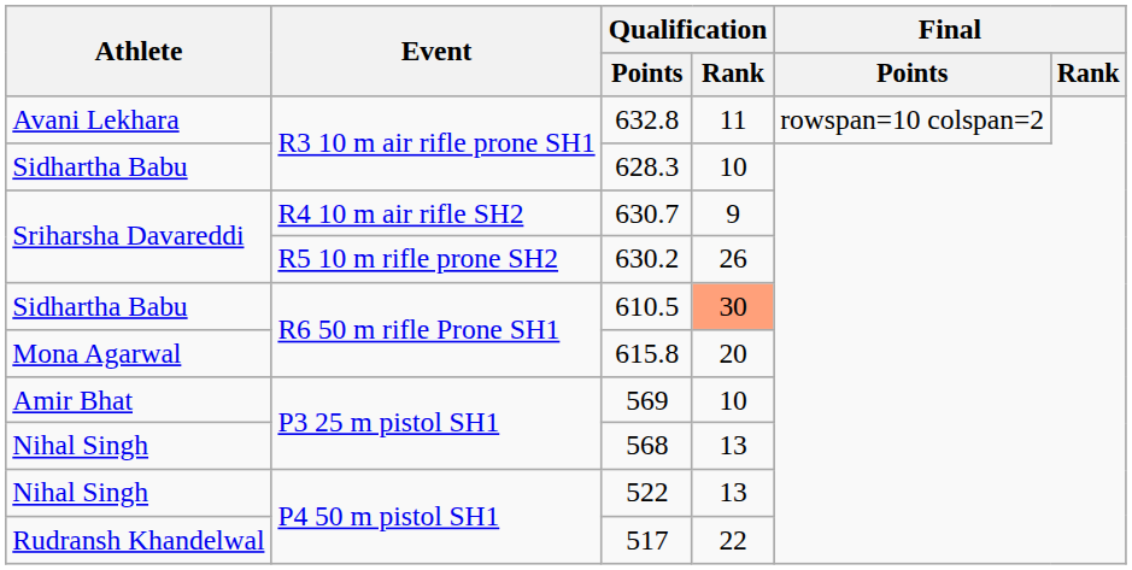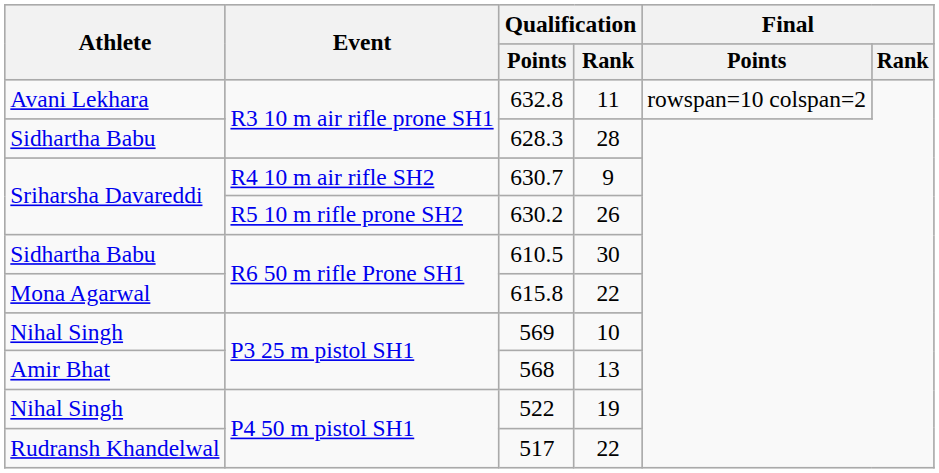 <table class="wikitable" style="font-size:90%">
 <tr>
 <th rowspan="2">Athlete</th>
 <th rowspan="2">Event</th>
 <th colspan="2">Qualification</th>
 <th colspan="2">Final</th>
 </tr>
 <tr style="font-size:95%">
 <th>Points</th>
 <th>Rank</th>
 <th>Points</th>
 <th>Rank</th>
 </tr>
 <tr align=center>
 <td align=left><a href='#'>Avani Lekhara</a></td>
 <td align=left rowspan=2><a href='#'>R3 10 m air rifle prone SH1</a></td>
 <td>632.8</td>
 <td>11</td>
 <td>rowspan=10 colspan=2 </td>
 </tr>
 <tr align=center>
 <td align=left><a href='#'>Sidhartha Babu</a></td>
 <td>628.3</td>
-<td>10</td>
+<td>28</td>
 </tr>
 <tr align=center>
 <td rowspan="2" align="left"><a href='#'>Sriharsha Davareddi</a></td>
 <td align=left><a href='#'>R4 10 m air rifle SH2</a></td>
 <td>630.7</td>
 <td>9</td>
 </tr>
 <tr align=center>
 <td align="left"><a href='#'>R5 10 m rifle prone SH2</a></td>
 <td>630.2</td>
 <td>26</td>
 </tr>
 <tr align="center">
 <td align="left"><a href='#'>Sidhartha Babu</a></td>
 <td rowspan="2" align="left"><a href='#'>R6 50 m rifle Prone SH1</a></td>
 <td>610.5</td>
-<td style="background: lightsalmon;">30</td>
+<td>30</td>
 </tr>
 <tr align="center">
 <td align=left><a href='#'>Mona Agarwal</a></td>
 <td>615.8</td>
-<td>20</td>
+<td>22</td>
 </tr>
 <tr align="center">
-<td align=left><a href='#'>Amir Bhat</a></td>
+<td align=left><a href='#'>Nihal Singh</a></td>
 <td rowspan="2"align="left"><a href='#'>P3 25 m pistol SH1</a></td>
 <td>569</td>
 <td>10</td>
 </tr>
 <tr align="center">
-<td align=left><a href='#'>Nihal Singh</a></td>
+<td align=left><a href='#'>Amir Bhat</a></td>
 <td>568</td>
 <td>13</td>
 </tr>
 <tr align="center">
 <td align=left><a href='#'>Nihal Singh</a></td>
 <td rowspan="2" align="left"><a href='#'>P4 50 m pistol SH1</a></td>
 <td>522</td>
-<td>13</td>
+<td>19</td>
 </tr>
 <tr align="center">
 <td align=left><a href='#'>Rudransh Khandelwal</a></td>
 <td>517</td>
 <td>22</td>
 </tr>
 </table>
